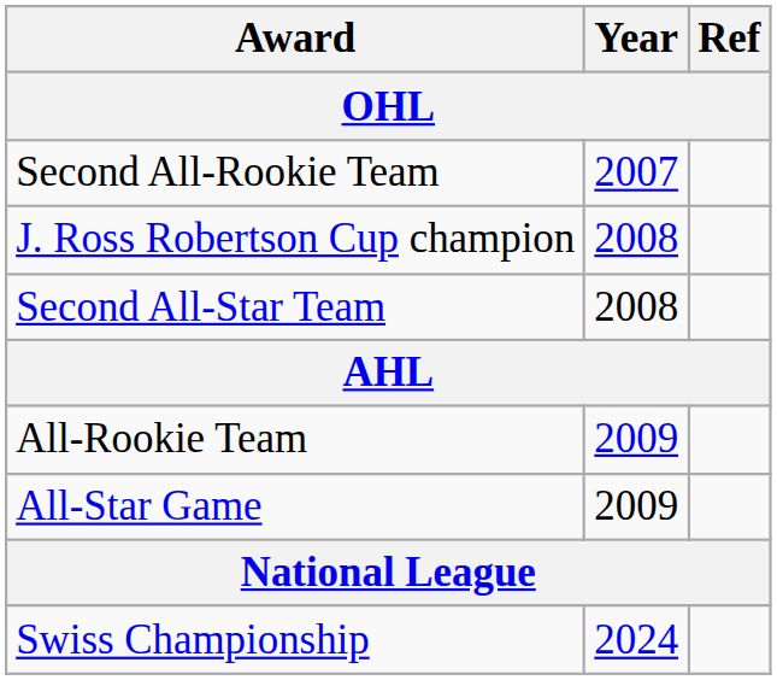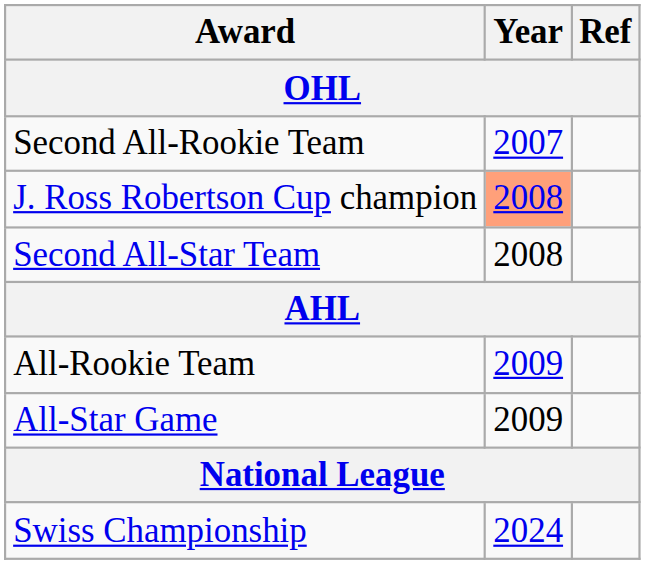 <table class="wikitable">
 <tr>
 <th>Award</th>
 <th>Year</th>
 <th>Ref</th>
 </tr>
 <tr>
 <th colspan="3"><a href='#'>OHL</a></th>
 </tr>
 <tr>
 <td>Second All-Rookie Team</td>
 <td><a href='#'>2007</a></td>
 <td></td>
 </tr>
 <tr>
 <td><a href='#'>J. Ross Robertson Cup</a> champion</td>
-<td><a href='#'>2008</a></td>
+<td style="background: lightsalmon;"><a href='#'>2008</a></td>
 <td></td>
 </tr>
 <tr>
 <td><a href='#'>Second All-Star Team</a></td>
 <td>2008</td>
 <td></td>
 </tr>
 <tr>
 <th colspan="3"><a href='#'>AHL</a></th>
 </tr>
 <tr>
 <td>All-Rookie Team</td>
 <td><a href='#'>2009</a></td>
 <td></td>
 </tr>
 <tr>
 <td><a href='#'>All-Star Game</a></td>
 <td>2009</td>
 <td></td>
 </tr>
 <tr>
 <th colspan="3"><a href='#'>National League</a></th>
 </tr>
 <tr>
 <td><a href='#'>Swiss Championship</a></td>
 <td><a href='#'>2024</a></td>
 <td></td>
 </tr>
 </table>
